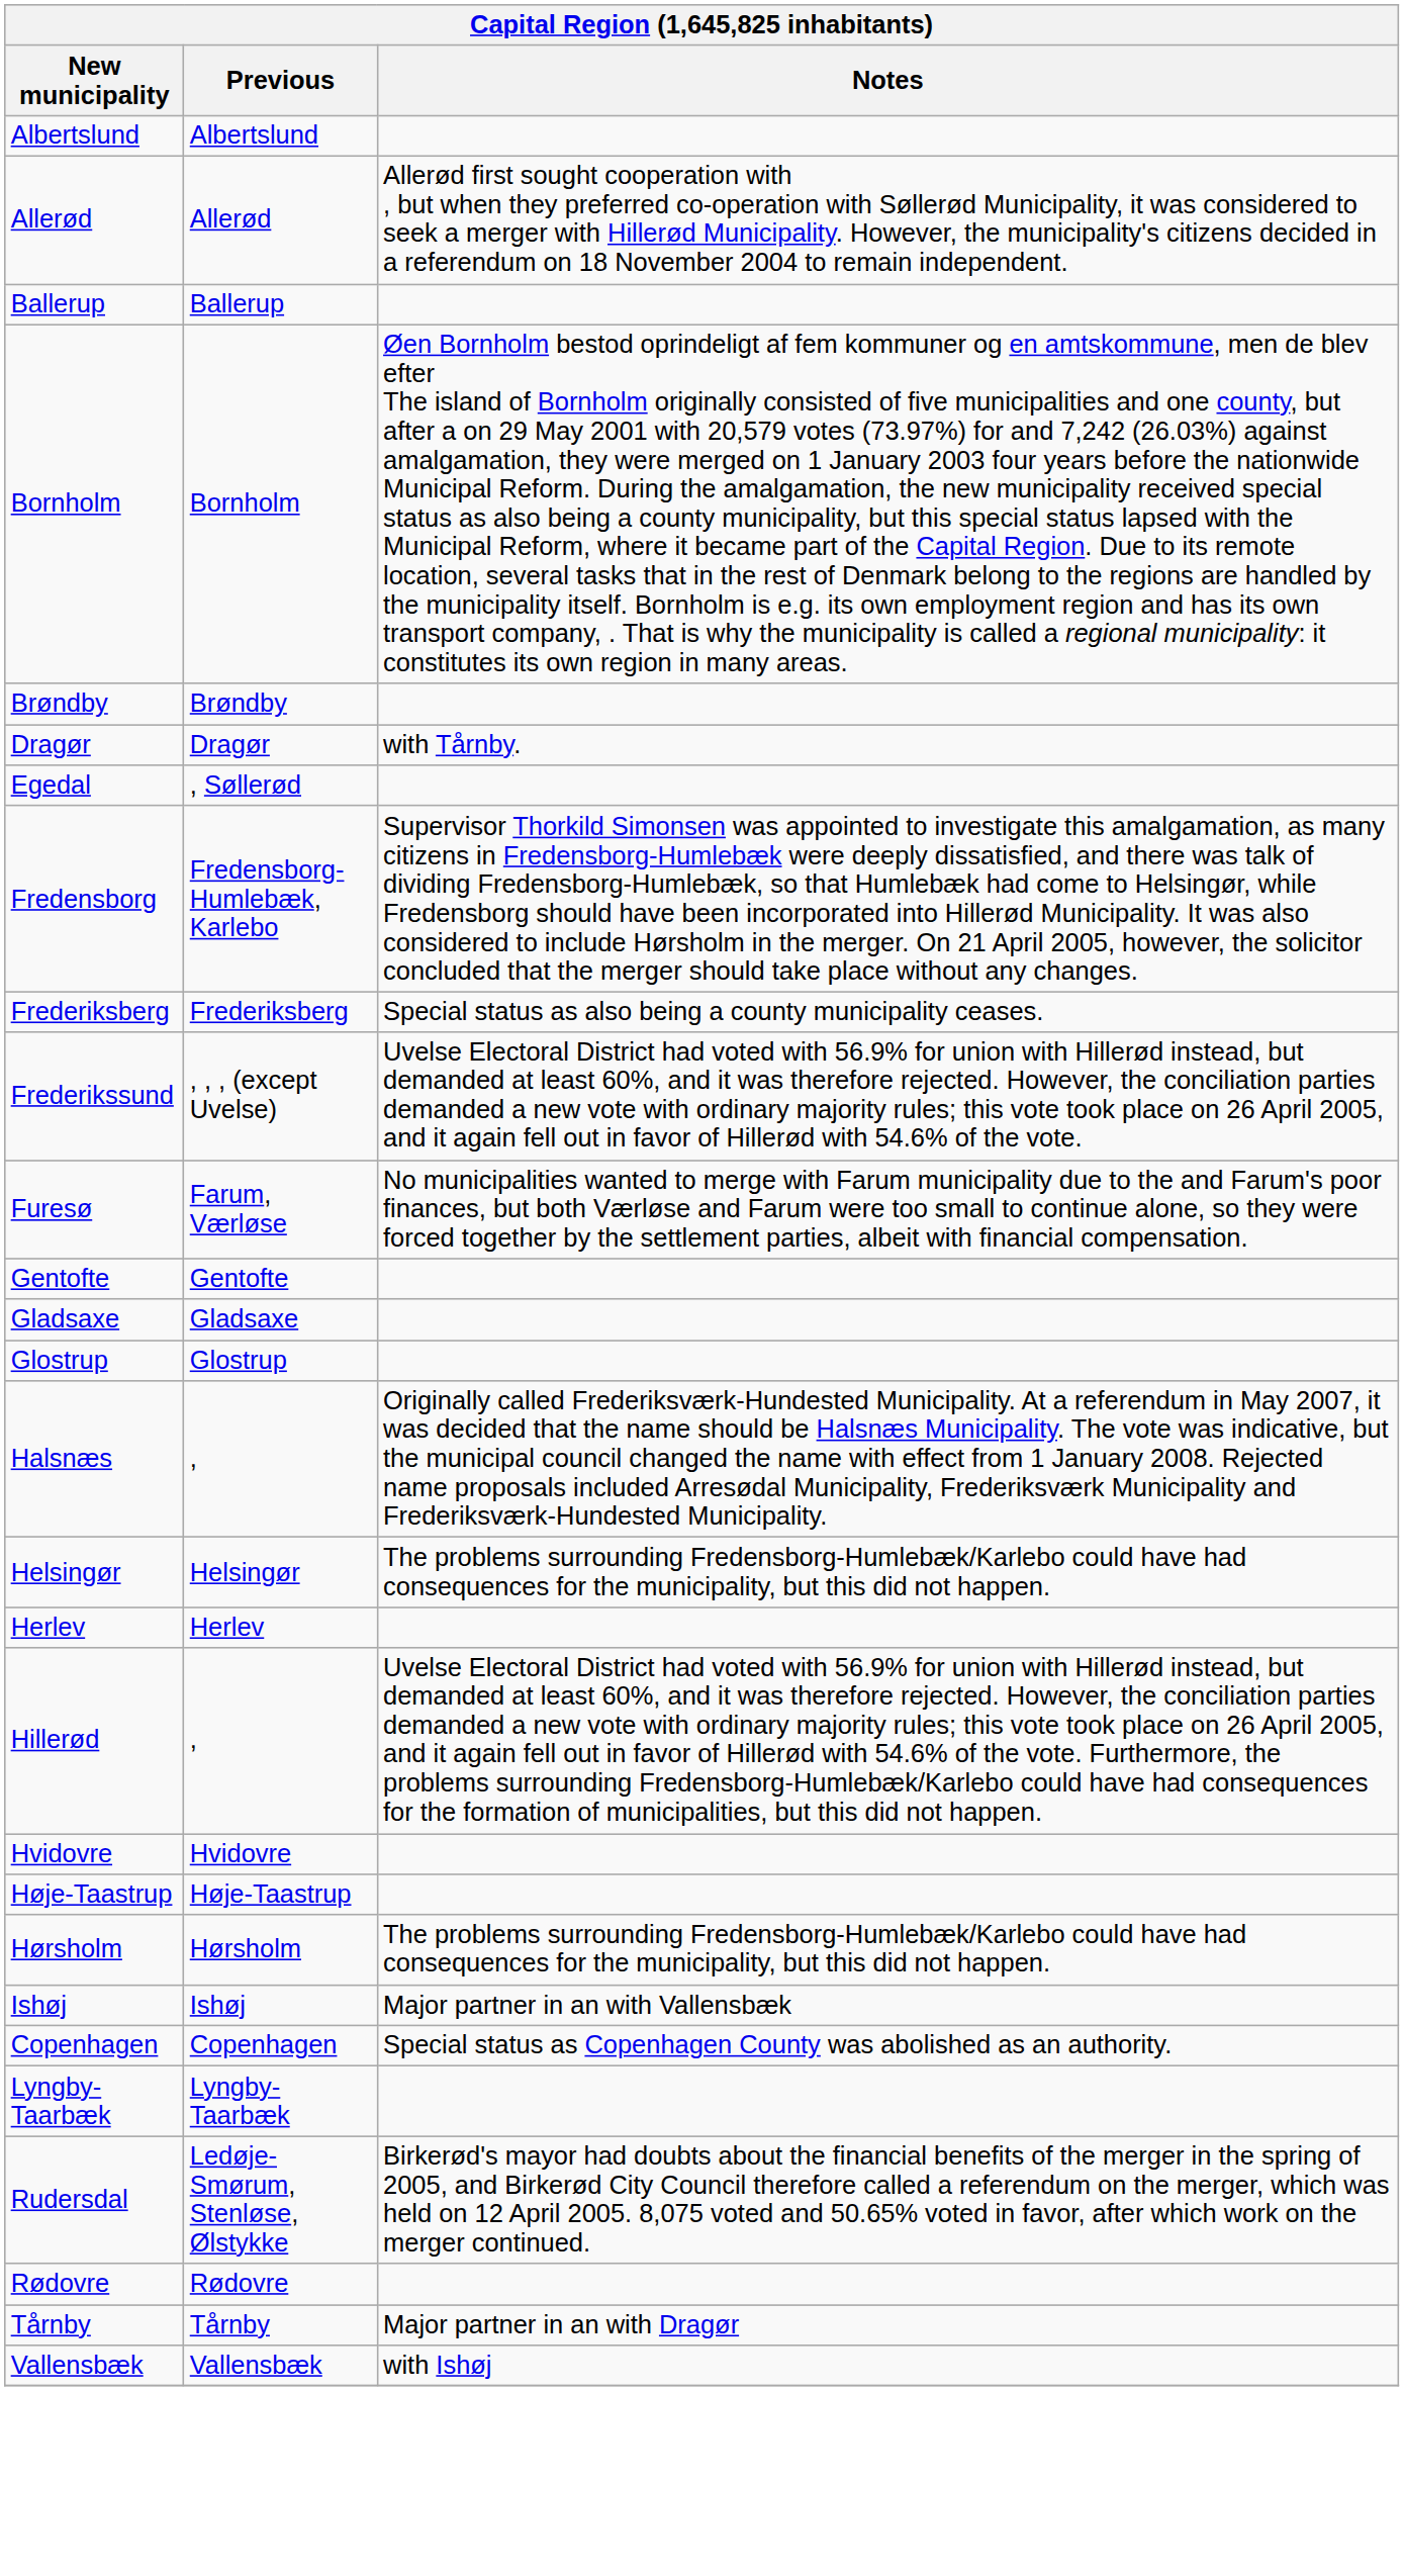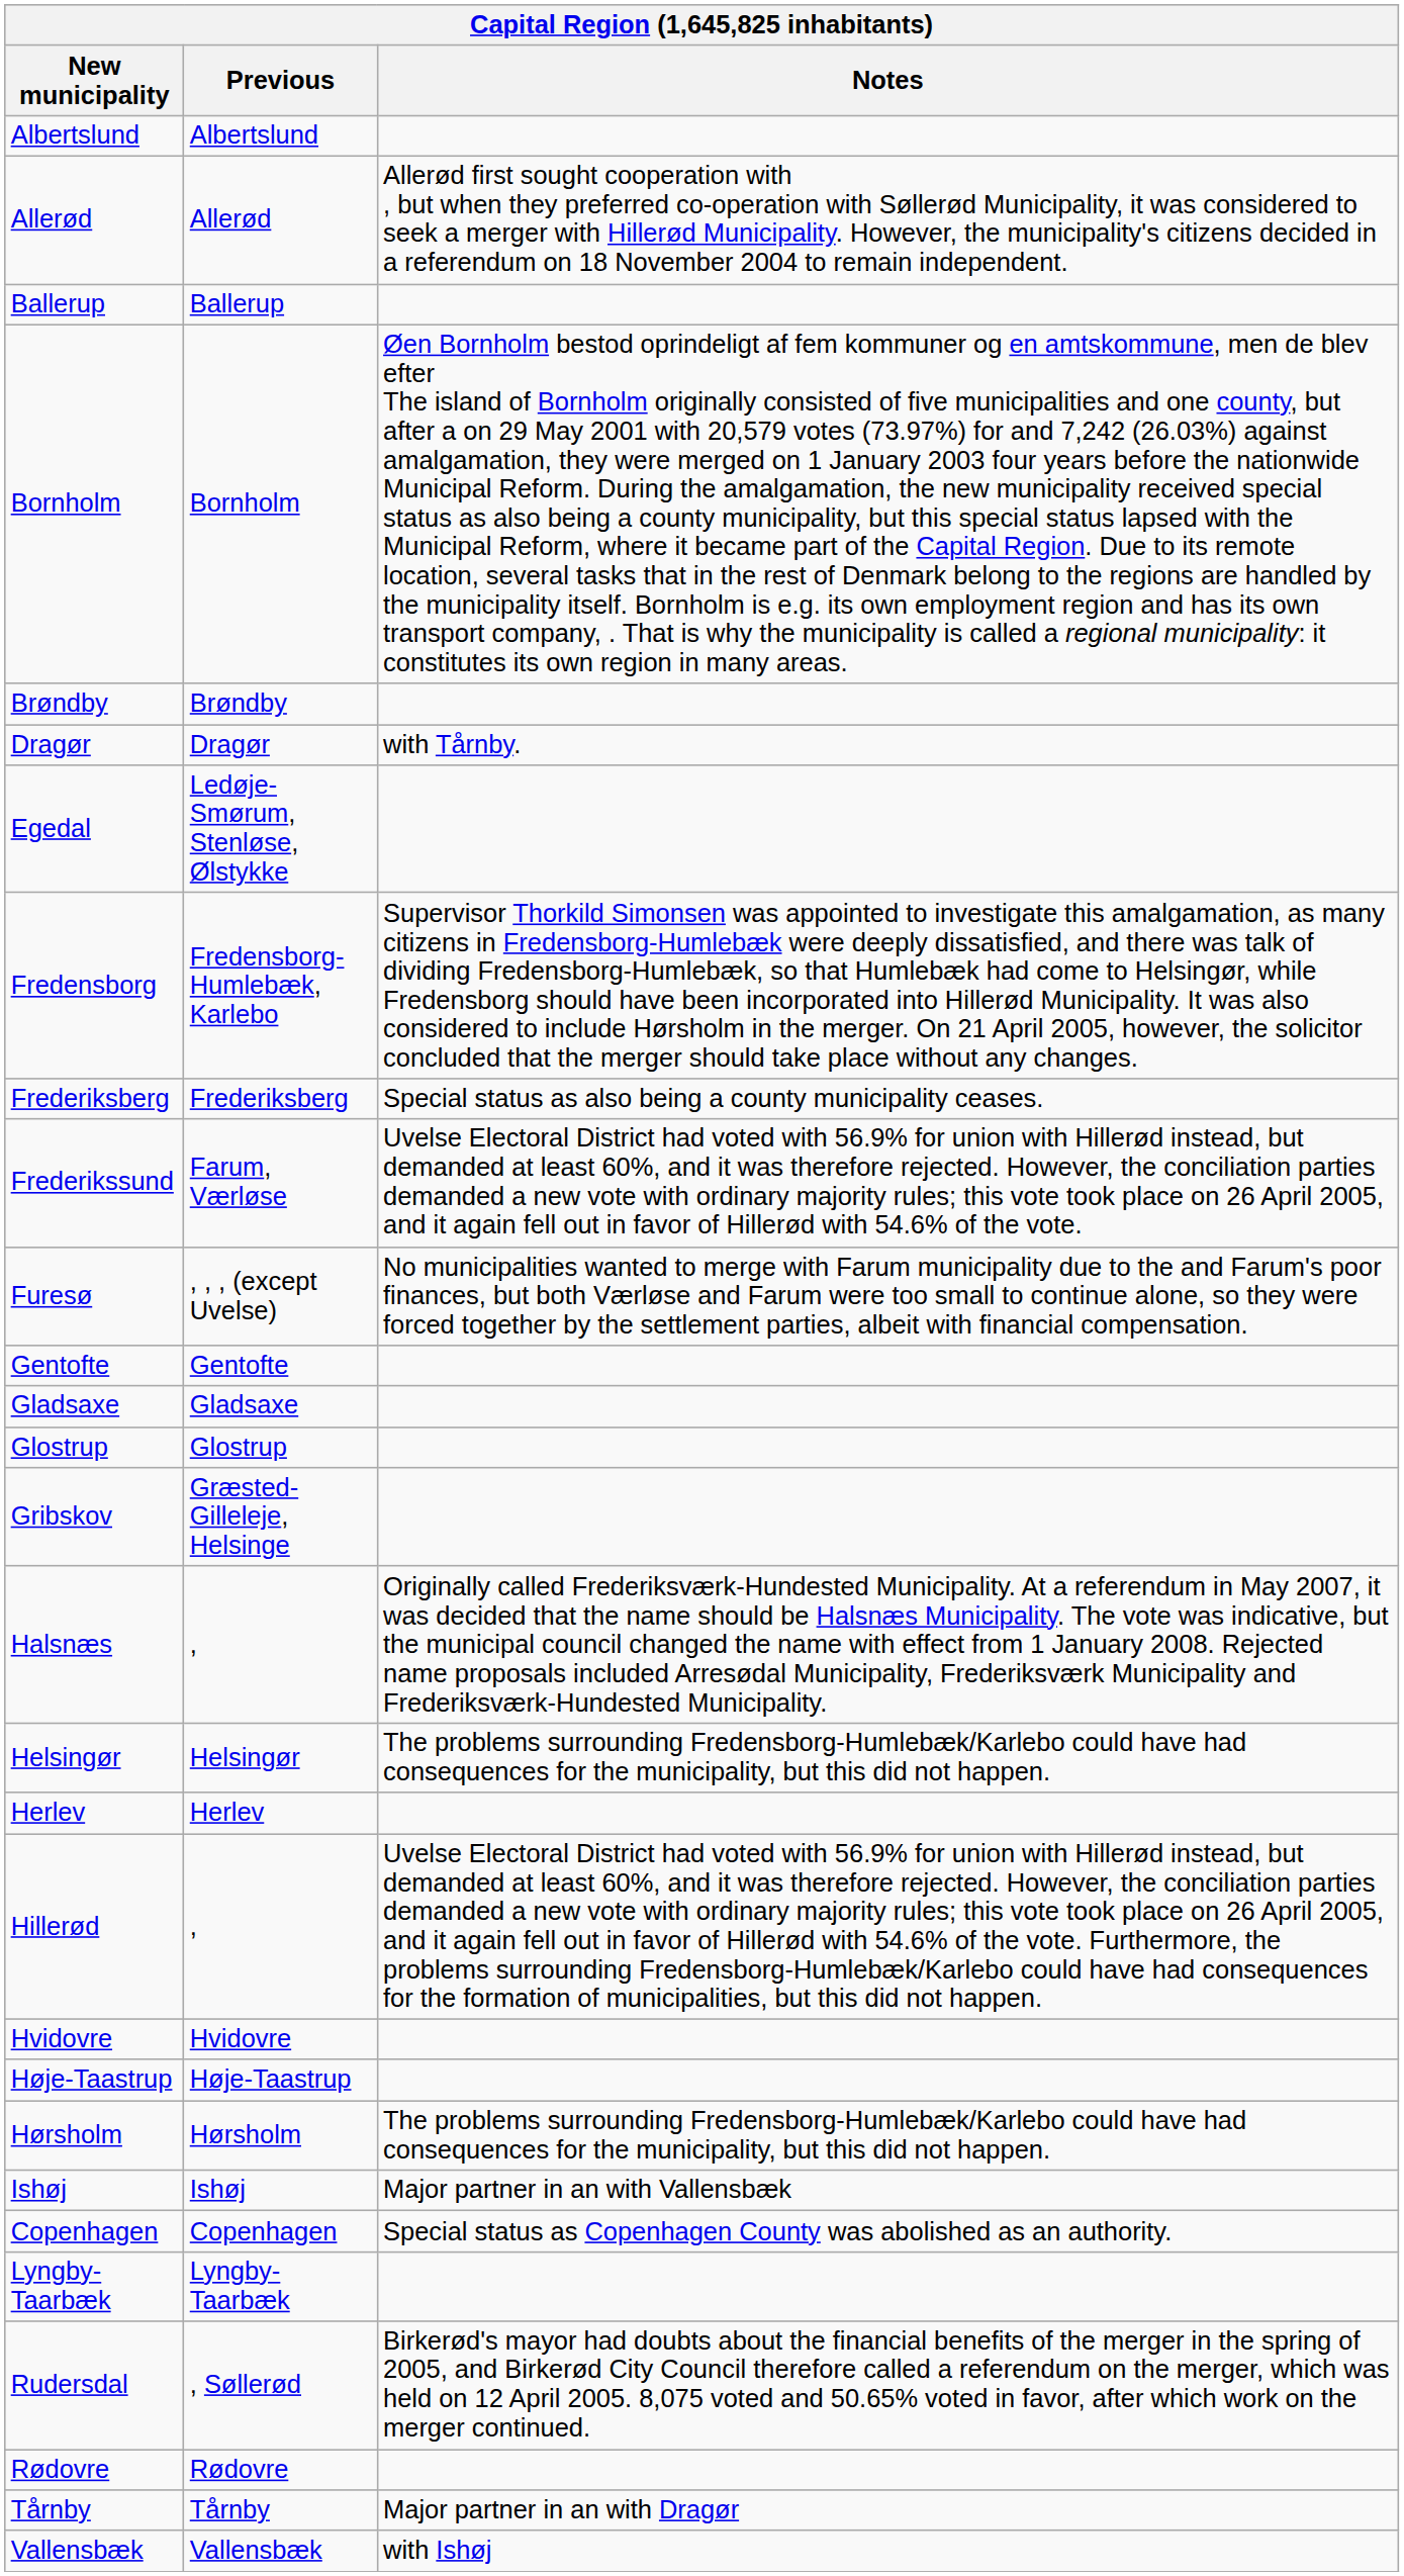 <table class="wikitable">
 <tr>
 <th colspan="3"><a href='#'>Capital Region</a> (1,645,825 inhabitants)</th>
 </tr>
 <tr>
 <th>New municipality</th>
 <th>Previous</th>
 <th>Notes</th>
 </tr>
 <tr>
 <td><a href='#'>Albertslund</a></td>
 <td><a href='#'>Albertslund</a></td>
 <td></td>
 </tr>
 <tr>
 <td><a href='#'>Allerød</a></td>
 <td><a href='#'>Allerød</a></td>
 <td>Allerød first sought cooperation with<br>, but when they preferred co-operation with Søllerød Municipality, it was considered to seek a merger with <a href='#'>Hillerød Municipality</a>. However, the municipality's citizens decided in a referendum on 18 November 2004 to remain independent.</td>
 </tr>
 <tr>
 <td><a href='#'>Ballerup</a></td>
 <td><a href='#'>Ballerup</a></td>
 <td></td>
 </tr>
 <tr>
 <td><a href='#'>Bornholm</a></td>
 <td><a href='#'>Bornholm</a></td>
 <td><a href='#'>Øen Bornholm</a> bestod oprindeligt af fem kommuner og <a href='#'>en amtskommune</a>, men de blev efter<br>The island of <a href='#'>Bornholm</a> originally consisted of five municipalities and one <a href='#'>county</a>, but after a  on 29 May 2001 with 20,579 votes (73.97%) for and 7,242 (26.03%) against amalgamation, they were merged on 1 January 2003 four years before the nationwide Municipal Reform.  During the amalgamation, the new municipality received special status as also being a county municipality, but this special status lapsed with the Municipal Reform, where it became part of the <a href='#'>Capital Region</a>. Due to its remote location, several tasks that in the rest of Denmark belong to the regions are handled by the municipality itself. Bornholm is e.g. its own employment region and has its own transport company, . That is why the municipality is called a <em>regional municipality</em>: it constitutes its own region in many areas.</td>
 </tr>
 <tr>
 <td><a href='#'>Brøndby</a></td>
 <td><a href='#'>Brøndby</a></td>
 <td></td>
 </tr>
 <tr>
 <td><a href='#'>Dragør</a></td>
 <td><a href='#'>Dragør</a></td>
 <td> with <a href='#'>Tårnby</a>.</td>
 </tr>
 <tr>
 <td><a href='#'>Egedal</a></td>
-<td>, <a href='#'>Søllerød</a></td>
+<td><a href='#'>Ledøje-Smørum</a>, <a href='#'>Stenløse</a>, <a href='#'>Ølstykke</a></td>
 <td></td>
 </tr>
 <tr>
 <td><a href='#'>Fredensborg</a></td>
 <td><a href='#'>Fredensborg-Humlebæk</a>, <a href='#'>Karlebo</a></td>
 <td>Supervisor <a href='#'>Thorkild Simonsen</a> was appointed to investigate this amalgamation, as many citizens in <a href='#'>Fredensborg-Humlebæk</a> were deeply dissatisfied, and there was talk of dividing Fredensborg-Humlebæk, so that Humlebæk had come to Helsingør, while Fredensborg should have been incorporated into Hillerød Municipality. It was also considered to include Hørsholm in the merger. On 21 April 2005, however, the solicitor concluded that the merger should take place without any changes.</td>
 </tr>
 <tr>
 <td><a href='#'>Frederiksberg</a></td>
 <td><a href='#'>Frederiksberg</a></td>
 <td>Special status as also being a county municipality ceases.</td>
 </tr>
 <tr>
 <td><a href='#'>Frederikssund</a></td>
-<td>, ,  ,  (except Uvelse)</td>
+<td><a href='#'>Farum</a>, <a href='#'>Værløse</a></td>
 <td>Uvelse Electoral District had voted with 56.9% for union with Hillerød instead, but  demanded at least 60%, and it was therefore rejected. However, the conciliation parties demanded a new vote with ordinary majority rules; this vote took place on 26 April 2005, and it again fell out in favor of Hillerød with 54.6% of the vote.</td>
 </tr>
 <tr>
 <td><a href='#'>Furesø</a></td>
-<td><a href='#'>Farum</a>, <a href='#'>Værløse</a></td>
+<td>, ,  ,  (except Uvelse)</td>
 <td>No municipalities wanted to merge with Farum municipality due to the  and Farum's poor finances, but both Værløse and Farum were too small to continue alone, so they were forced together by the settlement parties, albeit with financial compensation.</td>
 </tr>
 <tr>
 <td><a href='#'>Gentofte</a></td>
 <td><a href='#'>Gentofte</a></td>
 <td></td>
 </tr>
 <tr>
 <td><a href='#'>Gladsaxe</a></td>
 <td><a href='#'>Gladsaxe</a></td>
 <td></td>
 </tr>
 <tr>
 <td><a href='#'>Glostrup</a></td>
 <td><a href='#'>Glostrup</a></td>
+<td></td>
+</tr>
+<tr>
+<td><a href='#'>Gribskov</a></td>
+<td><a href='#'>Græsted-Gilleleje</a>, <a href='#'>Helsinge</a></td>
 <td></td>
 </tr>
 <tr>
 <td><a href='#'>Halsnæs</a></td>
 <td>,<br></td>
 <td>Originally called Frederiksværk-Hundested Municipality. At a referendum in May 2007, it was decided that the name should be <a href='#'>Halsnæs Municipality</a>. The vote was indicative, but the municipal council changed the name with effect from 1 January 2008. Rejected name proposals included Arresødal Municipality, Frederiksværk Municipality and Frederiksværk-Hundested Municipality.</td>
 </tr>
 <tr>
 <td><a href='#'>Helsingør</a></td>
 <td><a href='#'>Helsingør</a></td>
 <td>The problems surrounding Fredensborg-Humlebæk/Karlebo could have had consequences for the municipality, but this did not happen.</td>
 </tr>
 <tr>
 <td><a href='#'>Herlev</a></td>
 <td><a href='#'>Herlev</a></td>
 <td></td>
 </tr>
 <tr>
 <td><a href='#'>Hillerød</a></td>
 <td>,  </td>
 <td>Uvelse Electoral District had voted with 56.9% for union with Hillerød instead, but  demanded at least 60%, and it was therefore rejected. However, the conciliation parties demanded a new vote with ordinary majority rules; this vote took place on 26 April 2005, and it again fell out in favor of Hillerød with 54.6% of the vote. Furthermore, the problems surrounding Fredensborg-Humlebæk/Karlebo could have had consequences for the formation of municipalities, but this did not happen.</td>
 </tr>
 <tr>
 <td><a href='#'>Hvidovre</a></td>
 <td><a href='#'>Hvidovre</a></td>
 <td></td>
 </tr>
 <tr>
 <td><a href='#'>Høje-Taastrup</a></td>
 <td><a href='#'>Høje-Taastrup</a></td>
 <td></td>
 </tr>
 <tr>
 <td><a href='#'>Hørsholm</a></td>
 <td><a href='#'>Hørsholm</a></td>
 <td>The problems surrounding Fredensborg-Humlebæk/Karlebo could have had consequences for the municipality, but this did not happen.</td>
 </tr>
 <tr>
 <td><a href='#'>Ishøj</a></td>
 <td><a href='#'>Ishøj</a></td>
 <td>Major partner in an  with Vallensbæk</td>
 </tr>
 <tr>
 <td><a href='#'>Copenhagen</a></td>
 <td><a href='#'>Copenhagen</a></td>
 <td>Special status as <a href='#'>Copenhagen County</a> was abolished as an authority.</td>
 </tr>
 <tr>
 <td><a href='#'>Lyngby-Taarbæk</a></td>
 <td><a href='#'>Lyngby-Taarbæk</a></td>
 <td></td>
 </tr>
 <tr>
 <td><a href='#'>Rudersdal</a></td>
-<td><a href='#'>Ledøje-Smørum</a>, <a href='#'>Stenløse</a>, <a href='#'>Ølstykke</a></td>
+<td>, <a href='#'>Søllerød</a></td>
 <td>Birkerød's mayor had doubts about the financial benefits of the merger in the spring of 2005, and Birkerød City Council therefore called a referendum on the merger, which was held on 12 April 2005. 8,075 voted and 50.65% voted in favor, after which work on the merger continued.</td>
 </tr>
 <tr>
 <td><a href='#'>Rødovre</a></td>
 <td><a href='#'>Rødovre</a></td>
 <td></td>
 </tr>
 <tr>
 <td><a href='#'>Tårnby</a></td>
 <td><a href='#'>Tårnby</a></td>
 <td>Major partner in an  with <a href='#'>Dragør</a></td>
 </tr>
 <tr>
 <td><a href='#'>Vallensbæk</a></td>
 <td><a href='#'>Vallensbæk</a></td>
 <td> with <a href='#'>Ishøj</a></td>
 </tr>
 <tr>
 </tr>
 </table>
